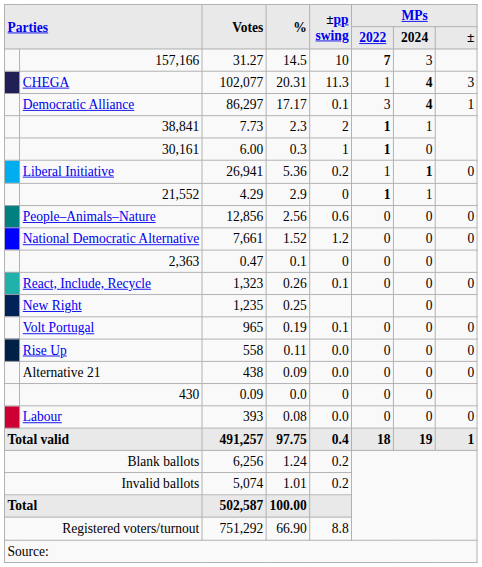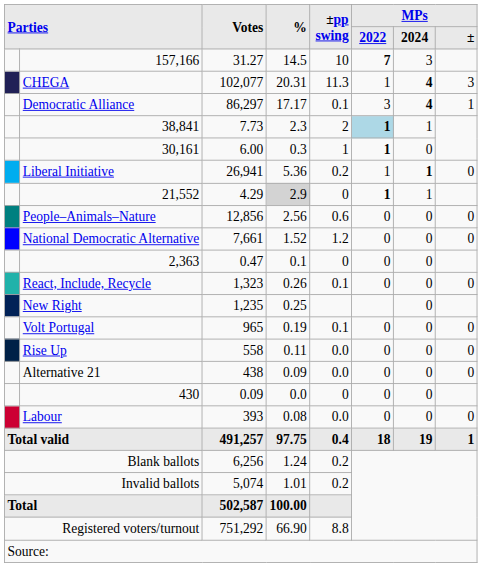 <table class="wikitable" style="text-align:right; font-size:95%;">
 <tr>
 <th rowspan="2" colspan="2" style="background:#e9e9e9; text-align:left;" alignleft><a href='#'>Parties</a></th>
 <th rowspan="2" style="background:#e9e9e9; text-align:right;">Votes</th>
 <th rowspan="2" style="background:#e9e9e9; text-align:right;">%</th>
 <th rowspan="2" style="background:#e9e9e9; text-align:right;">±<a href='#'>pp</a> <a href='#'>swing</a></th>
 <th colspan="3" style="background:#e9e9e9; text-align:center;"><a href='#'>MPs</a></th>
 </tr>
 <tr style="background-color:#E9E9E9">
 <th style="background-color:#E9E9E9;text-align:center;"><a href='#'>2022</a></th>
 <th style="background-color:#E9E9E9;text-align:center;">2024</th>
 <th style="background:#e9e9e9; text-align:right;">±</th>
 </tr>
 <tr>
 <td></td>
 <td>157,166</td>
 <td>31.27</td>
 <td>14.5</td>
 <td>10</td>
 <td><strong>7</strong></td>
 <td>3</td>
 </tr>
 <tr>
 <td style="width: 10px" bgcolor="#202056" align="center"></td>
 <td align="left"><a href='#'>CHEGA</a></td>
 <td>102,077</td>
 <td>20.31</td>
 <td>11.3</td>
 <td>1</td>
 <td><strong>4</strong></td>
 <td>3</td>
 </tr>
 <tr>
 <td style="width: 10px"></td>
 <td align="left"><a href='#'>Democratic Alliance</a> </td>
 <td>86,297</td>
 <td>17.17</td>
 <td>0.1</td>
 <td>3</td>
 <td><strong>4</strong></td>
 <td>1</td>
 </tr>
 <tr>
 <td></td>
 <td>38,841</td>
 <td>7.73</td>
 <td>2.3</td>
 <td>2</td>
-<td><strong>1</strong></td>
+<td style="background: lightblue;"><strong>1</strong></td>
 <td>1</td>
 </tr>
 <tr>
 <td></td>
 <td>30,161</td>
 <td>6.00</td>
 <td>0.3</td>
 <td>1</td>
 <td><strong>1</strong></td>
 <td>0</td>
 </tr>
 <tr>
 <td style="width: 10px" bgcolor="#00ADEF" align="center"></td>
 <td align="left"><a href='#'>Liberal Initiative</a></td>
 <td>26,941</td>
 <td>5.36</td>
 <td>0.2</td>
 <td>1</td>
 <td><strong>1</strong></td>
 <td>0</td>
 </tr>
 <tr>
 <td></td>
 <td>21,552</td>
 <td>4.29</td>
-<td>2.9</td>
+<td style="background: lightgrey;">2.9</td>
 <td>0</td>
 <td><strong>1</strong></td>
 <td>1</td>
 </tr>
 <tr>
 <td style="width: 10px" bgcolor="teal" align="center"></td>
 <td align="left"><a href='#'>People–Animals–Nature</a></td>
 <td>12,856</td>
 <td>2.56</td>
 <td>0.6</td>
 <td>0</td>
 <td>0</td>
 <td>0</td>
 </tr>
 <tr>
 <td style="width: 10px" bgcolor="blue" align="center"></td>
 <td align="left"><a href='#'>National Democratic Alternative</a></td>
 <td>7,661</td>
 <td>1.52</td>
 <td>1.2</td>
 <td>0</td>
 <td>0</td>
 <td>0</td>
 </tr>
 <tr>
 <td></td>
 <td>2,363</td>
 <td>0.47</td>
 <td>0.1</td>
 <td>0</td>
 <td>0</td>
 <td>0</td>
 </tr>
 <tr>
 <td style="width: 10px" bgcolor="LightSeaGreen" align="center"></td>
 <td align="left"><a href='#'>React, Include, Recycle</a></td>
 <td>1,323</td>
 <td>0.26</td>
 <td>0.1</td>
 <td>0</td>
 <td>0</td>
 <td>0</td>
 </tr>
 <tr>
 <td style="width: 10px" bgcolor="#012257" align="center"></td>
 <td align="left"><a href='#'>New Right</a></td>
 <td>1,235</td>
 <td>0.25</td>
 <td></td>
 <td></td>
 <td>0</td>
 <td></td>
 </tr>
 <tr>
 <td style="width: 10px"></td>
 <td align="left"><a href='#'>Volt Portugal</a></td>
 <td>965</td>
 <td>0.19</td>
 <td>0.1</td>
 <td>0</td>
 <td>0</td>
 <td>0</td>
 </tr>
 <tr>
 <td style="width: 10px" bgcolor="#002147" align="center"></td>
 <td align="left"><a href='#'>Rise Up</a></td>
 <td>558</td>
 <td>0.11</td>
 <td>0.0</td>
 <td>0</td>
 <td>0</td>
 <td>0</td>
 </tr>
 <tr>
 <td style="width: 10px"></td>
 <td align="left">Alternative 21 </td>
 <td>438</td>
 <td>0.09</td>
 <td>0.0</td>
 <td>0</td>
 <td>0</td>
 <td>0</td>
 </tr>
 <tr>
 <td></td>
 <td>430</td>
 <td>0.09</td>
 <td>0.0</td>
 <td>0</td>
 <td>0</td>
 <td>0</td>
 </tr>
 <tr>
 <td style="width: 10px" bgcolor="#CC0033" align="center"></td>
 <td align="left"><a href='#'>Labour</a></td>
 <td>393</td>
 <td>0.08</td>
 <td>0.0</td>
 <td>0</td>
 <td>0</td>
 <td>0</td>
 </tr>
 <tr>
 <td colspan=2 align=left style="background-color:#E9E9E9"><strong>Total valid</strong></td>
 <td width="65" align="right" style="background-color:#E9E9E9"><strong>491,257</strong></td>
 <td width="40" align="right" style="background-color:#E9E9E9"><strong>97.75</strong></td>
 <td width="40" align="right" style="background-color:#E9E9E9"><strong>0.4</strong></td>
 <td width="40" align="right" style="background-color:#E9E9E9"><strong>18</strong></td>
 <td width="40" align="right" style="background-color:#E9E9E9"><strong>19</strong></td>
 <td width="40" align="right" style="background-color:#E9E9E9"><strong>1</strong></td>
 </tr>
 <tr>
 <td colspan=2>Blank ballots</td>
 <td>6,256</td>
 <td>1.24</td>
 <td>0.2</td>
 <td colspan="3" rowspan="4"></td>
 </tr>
 <tr>
 <td colspan=2>Invalid ballots</td>
 <td>5,074</td>
 <td>1.01</td>
 <td>0.2</td>
 </tr>
 <tr>
 <td colspan=2 align=left style="background-color:#E9E9E9"><strong>Total</strong></td>
 <td width="50" align="right" style="background-color:#E9E9E9"><strong>502,587</strong></td>
 <td width="40" align="right" style="background-color:#E9E9E9"><strong>100.00</strong></td>
 <td width="40" align="right" style="background-color:#E9E9E9"></td>
 </tr>
 <tr>
 <td colspan=2>Registered voters/turnout</td>
 <td>751,292</td>
 <td>66.90</td>
 <td>8.8</td>
 </tr>
 <tr>
 <td colspan=8 align=left>Source: </td>
 </tr>
 </table>
